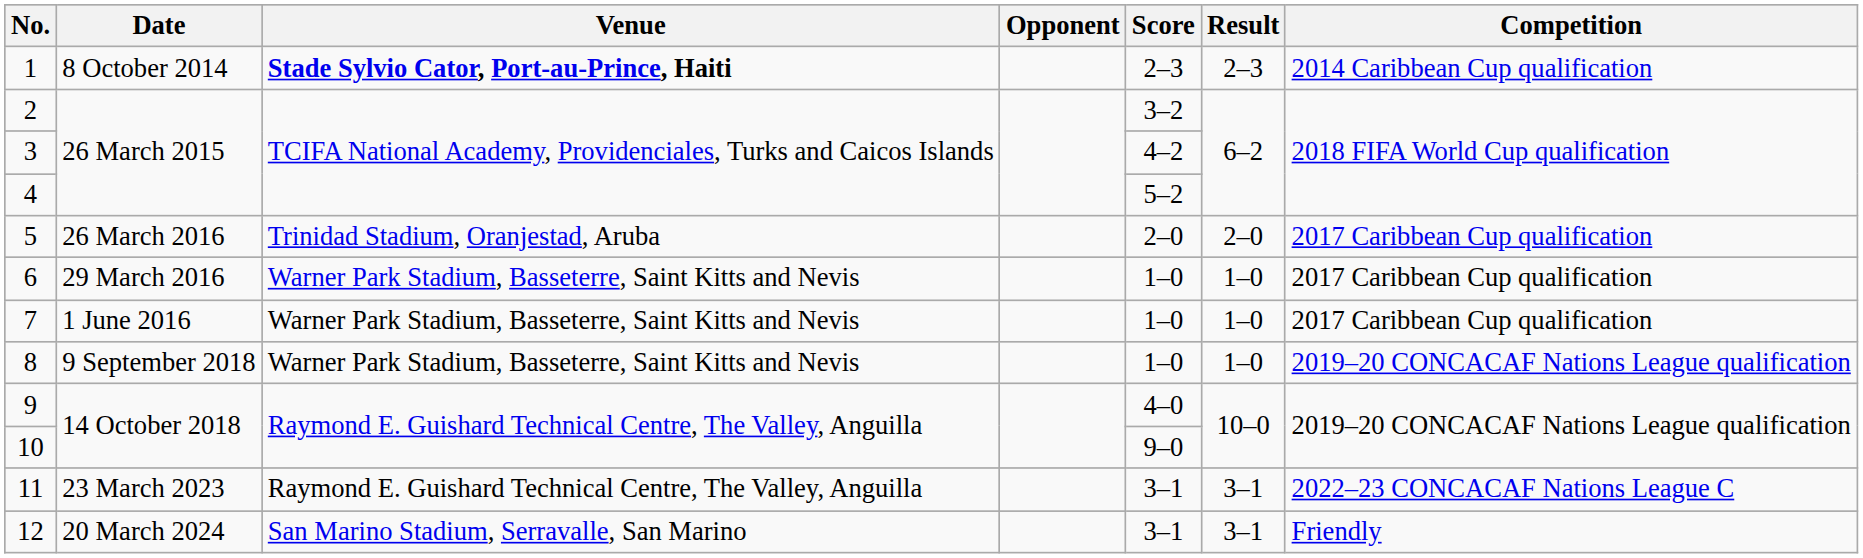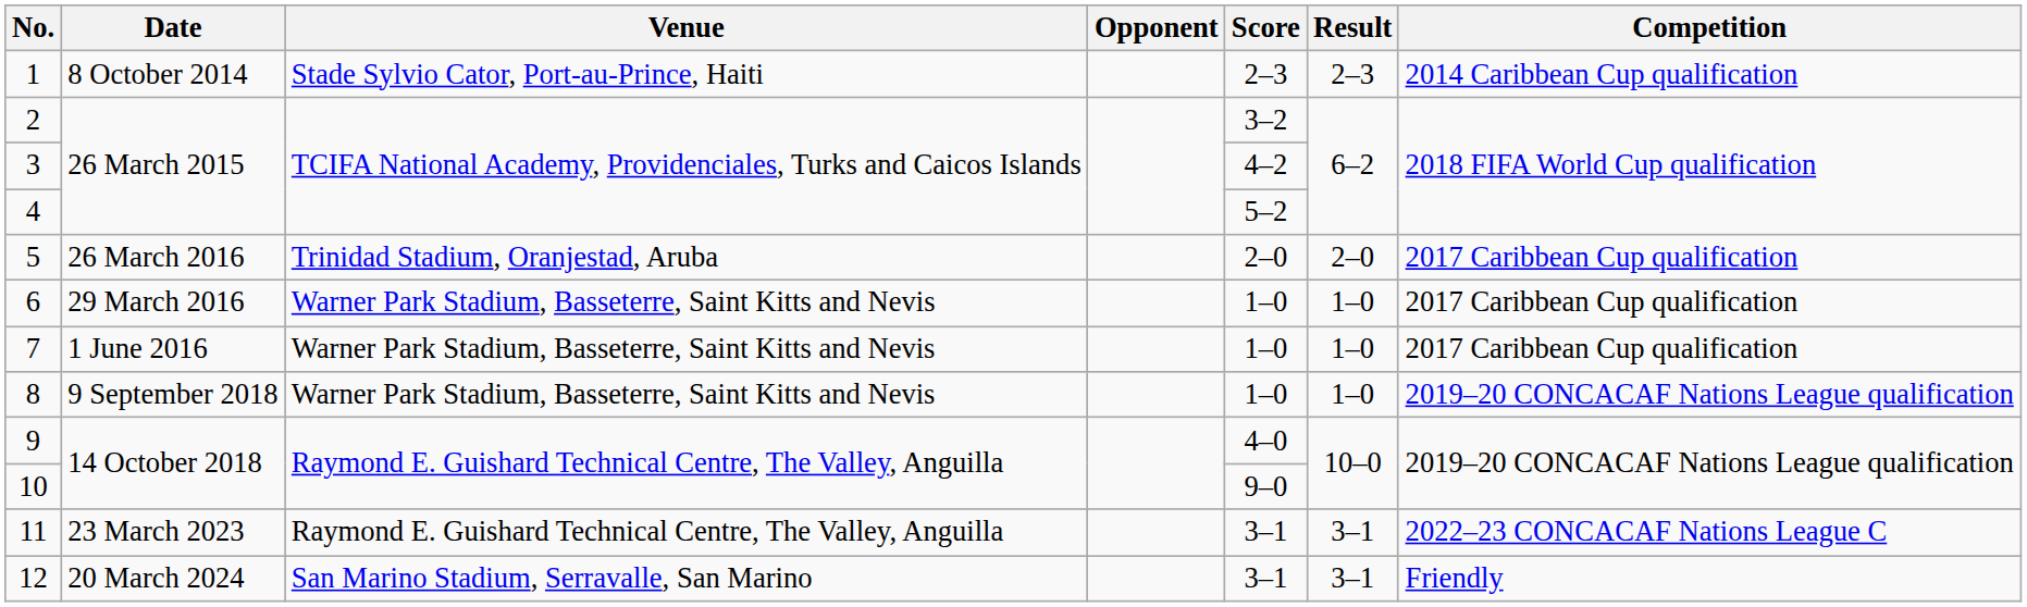 <table class="wikitable sortable">
 <tr>
 <th scope="col">No.</th>
 <th scope="col">Date</th>
 <th scope="col">Venue</th>
 <th scope="col">Opponent</th>
 <th scope="col">Score</th>
 <th scope="col">Result</th>
 <th scope="col">Competition</th>
 </tr>
 <tr>
 <td style="text-align:center">1</td>
 <td>8 October 2014</td>
-<td><strong><a href='#'>Stade Sylvio Cator</a>, <a href='#'>Port-au-Prince</a>, Haiti</strong></td>
+<td><a href='#'>Stade Sylvio Cator</a>, <a href='#'>Port-au-Prince</a>, Haiti</td>
 <td></td>
 <td style="text-align:center">2–3</td>
 <td style="text-align:center">2–3</td>
 <td><a href='#'>2014 Caribbean Cup qualification</a></td>
 </tr>
 <tr>
 <td style="text-align:center">2</td>
 <td rowspan="3">26 March 2015</td>
 <td rowspan="3"><a href='#'>TCIFA National Academy</a>, <a href='#'>Providenciales</a>, Turks and Caicos Islands</td>
 <td rowspan="3"></td>
 <td style="text-align:center">3–2</td>
 <td rowspan="3" style="text-align:center">6–2</td>
 <td rowspan="3"><a href='#'>2018 FIFA World Cup qualification</a></td>
 </tr>
 <tr>
 <td style="text-align:center">3</td>
 <td style="text-align:center">4–2</td>
 </tr>
 <tr>
 <td style="text-align:center">4</td>
 <td style="text-align:center">5–2</td>
 </tr>
 <tr>
 <td style="text-align:center">5</td>
 <td>26 March 2016</td>
 <td><a href='#'>Trinidad Stadium</a>, <a href='#'>Oranjestad</a>, Aruba</td>
 <td></td>
 <td style="text-align:center">2–0</td>
 <td style="text-align:center">2–0</td>
 <td><a href='#'>2017 Caribbean Cup qualification</a></td>
 </tr>
 <tr>
 <td style="text-align:center">6</td>
 <td>29 March 2016</td>
 <td><a href='#'>Warner Park Stadium</a>, <a href='#'>Basseterre</a>, Saint Kitts and Nevis</td>
 <td></td>
 <td style="text-align:center">1–0</td>
 <td style="text-align:center">1–0</td>
 <td>2017 Caribbean Cup qualification</td>
 </tr>
 <tr>
 <td style="text-align:center">7</td>
 <td>1 June 2016</td>
 <td>Warner Park Stadium, Basseterre, Saint Kitts and Nevis</td>
 <td></td>
 <td style="text-align:center">1–0</td>
 <td style="text-align:center">1–0</td>
 <td>2017 Caribbean Cup qualification</td>
 </tr>
 <tr>
 <td style="text-align:center">8</td>
 <td>9 September 2018</td>
 <td>Warner Park Stadium, Basseterre, Saint Kitts and Nevis</td>
 <td></td>
 <td style="text-align:center">1–0</td>
 <td style="text-align:center">1–0</td>
 <td><a href='#'>2019–20 CONCACAF Nations League qualification</a></td>
 </tr>
 <tr>
 <td style="text-align:center">9</td>
 <td rowspan="2">14 October 2018</td>
 <td rowspan="2"><a href='#'>Raymond E. Guishard Technical Centre</a>, <a href='#'>The Valley</a>, Anguilla</td>
 <td rowspan="2"></td>
 <td style="text-align:center">4–0</td>
 <td rowspan="2" style="text-align:center">10–0</td>
 <td rowspan="2">2019–20 CONCACAF Nations League qualification</td>
 </tr>
 <tr>
 <td style="text-align:center">10</td>
 <td style="text-align:center">9–0</td>
 </tr>
 <tr>
 <td style="text-align:center">11</td>
 <td>23 March 2023</td>
 <td>Raymond E. Guishard Technical Centre, The Valley, Anguilla</td>
 <td></td>
 <td style="text-align:center">3–1</td>
 <td style="text-align:center">3–1</td>
 <td><a href='#'>2022–23 CONCACAF Nations League C</a></td>
 </tr>
 <tr>
 <td style="text-align:center">12</td>
 <td>20 March 2024</td>
 <td><a href='#'>San Marino Stadium</a>, <a href='#'>Serravalle</a>, San Marino</td>
 <td></td>
 <td style="text-align:center">3–1</td>
 <td style="text-align:center">3–1</td>
 <td><a href='#'>Friendly</a></td>
 </tr>
 </table>
